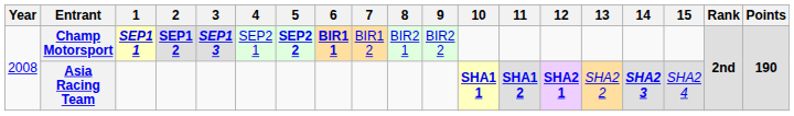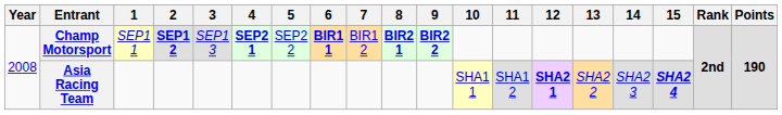 <table class="wikitable" style="text-align:center; font-size:90%">
 <tr>
 <th>Year</th>
 <th>Entrant</th>
 <th>1</th>
 <th>2</th>
 <th>3</th>
 <th>4</th>
 <th>5</th>
 <th>6</th>
 <th>7</th>
 <th>8</th>
 <th>9</th>
 <th>10</th>
 <th>11</th>
 <th>12</th>
 <th>13</th>
 <th>14</th>
 <th>15</th>
 <th>Rank</th>
 <th>Points</th>
 </tr>
 <tr>
 <td rowspan="2"><a href='#'>2008</a></td>
 <th><a href='#'>Champ Motorsport</a></th>
-<td style="background:#FFFFBF;"><strong><em><a href='#'>SEP1<br>1</a></em><br></strong></td>
+<td style="background:#FFFFBF;"><em><a href='#'>SEP1<br>1</a></em><br></td>
 <td style="background:#DFDFDF;"><strong><a href='#'>SEP1<br>2</a></strong><br></td>
-<td style="background:#DFDFDF;"><strong><em><a href='#'>SEP1<br>3</a></em><br></strong></td>
-<td style="background:#DFFFDF;"><a href='#'>SEP2<br>1</a><br></td>
-<td style="background:#DFFFDF;"><strong><a href='#'>SEP2<br>2</a><br></strong></td>
+<td style="background:#DFDFDF;"><em><a href='#'>SEP1<br>3</a></em><br></td>
+<td style="background:#DFFFDF;"><strong><a href='#'>SEP2<br>1</a><br></strong></td>
+<td style="background:#DFFFDF;"><a href='#'>SEP2<br>2</a><br></td>
 <td style="background:#FFDF9F;"><strong><a href='#'>BIR1<br>1</a></strong><br></td>
 <td style="background:#FFDF9F;"><a href='#'>BIR1<br>2</a><br></td>
-<td style="background:#DFFFDF;"><a href='#'>BIR2<br>1</a><br></td>
-<td style="background:#DFFFDF;"><a href='#'>BIR2<br>2</a><br></td>
+<td style="background:#DFFFDF;"><strong><a href='#'>BIR2<br>1</a><br></strong></td>
+<td style="background:#DFFFDF;"><strong><a href='#'>BIR2<br>2</a><br></strong></td>
 <td></td>
 <td></td>
 <td></td>
 <td></td>
 <td></td>
 <td></td>
 <th rowspan="2" style="background:#DFDFDF;">2nd</th>
 <th rowspan="2" style="background:#DFDFDF;">190</th>
 </tr>
 <tr>
 <th><a href='#'>Asia Racing Team</a></th>
 <td></td>
 <td></td>
 <td></td>
 <td></td>
 <td></td>
 <td></td>
 <td></td>
 <td></td>
 <td></td>
-<td style="background:#FFFFBF;"><strong><a href='#'>SHA1<br>1</a><br></strong></td>
-<td style="background:#DFDFDF;"><strong><a href='#'>SHA1<br>2</a><br></strong></td>
+<td style="background:#FFFFBF;"><a href='#'>SHA1<br>1</a><br></td>
+<td style="background:#DFDFDF;"><a href='#'>SHA1<br>2</a><br></td>
 <td style="background:#EFCFFF;"><strong><a href='#'>SHA2<br>1</a></strong><br></td>
 <td style="background:#FFDF9F;"><em><a href='#'>SHA2<br>2</a></em><br></td>
-<td style="background:#DFDFDF;"><strong><em><a href='#'>SHA2<br>3</a></em><br></strong></td>
-<td style="background:#DFDFDF;"><em><a href='#'>SHA2<br>4</a></em><br></td>
+<td style="background:#DFDFDF;"><em><a href='#'>SHA2<br>3</a></em><br></td>
+<td style="background:#DFDFDF;"><strong><em><a href='#'>SHA2<br>4</a></em><br></strong></td>
 </tr>
 </table>
